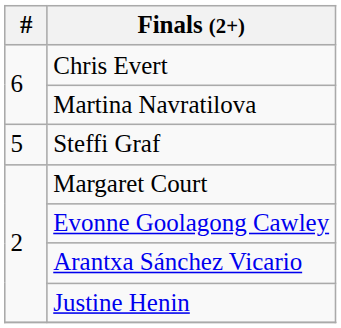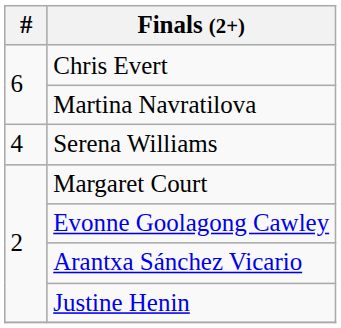 <table class="wikitable" style="display:inline-table;">
 <tr>
 <th width=20>#</th>
 <th>Finals <small>(2+)</small></th>
 </tr>
 <tr>
 <td rowspan=2>6</td>
 <td> Chris Evert</td>
 </tr>
 <tr>
 <td> Martina Navratilova</td>
 </tr>
 <tr>
-<td>5</td>
-<td> Steffi Graf</td>
+<td>4</td>
+<td> Serena Williams</td>
 </tr>
 <tr>
 <td rowspan=4>2</td>
 <td> Margaret Court</td>
 </tr>
 <tr>
 <td> <a href='#'>Evonne Goolagong Cawley</a></td>
 </tr>
 <tr>
 <td> <a href='#'>Arantxa Sánchez Vicario</a></td>
 </tr>
 <tr>
 <td> <a href='#'>Justine Henin</a></td>
 </tr>
 <tr>
 </tr>
 </table>
